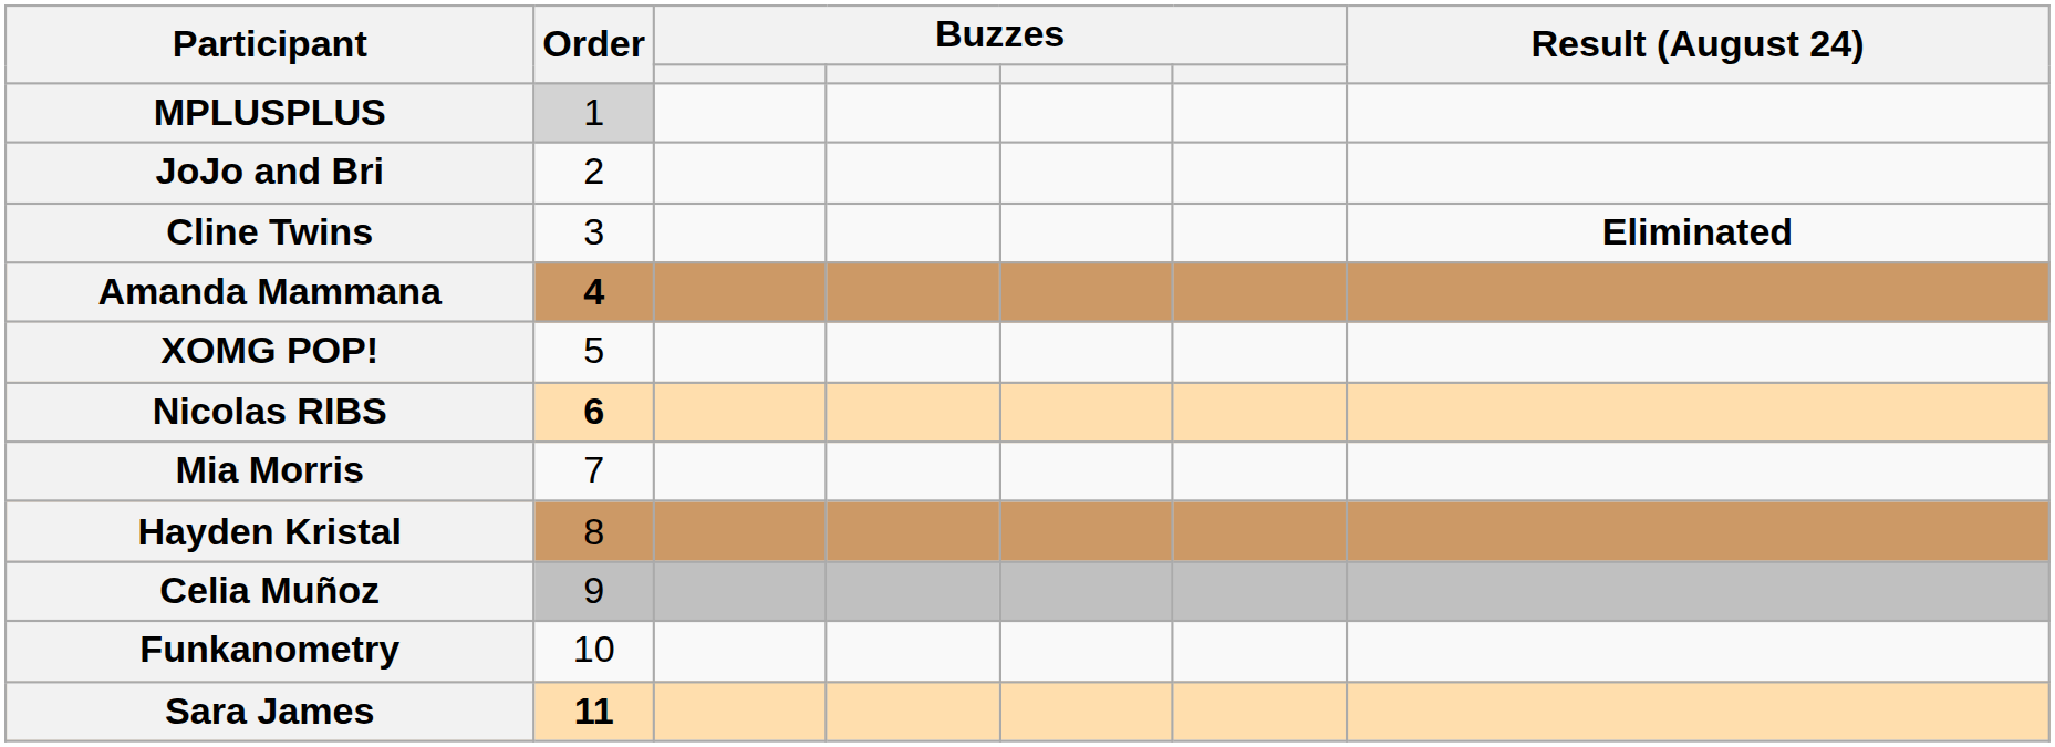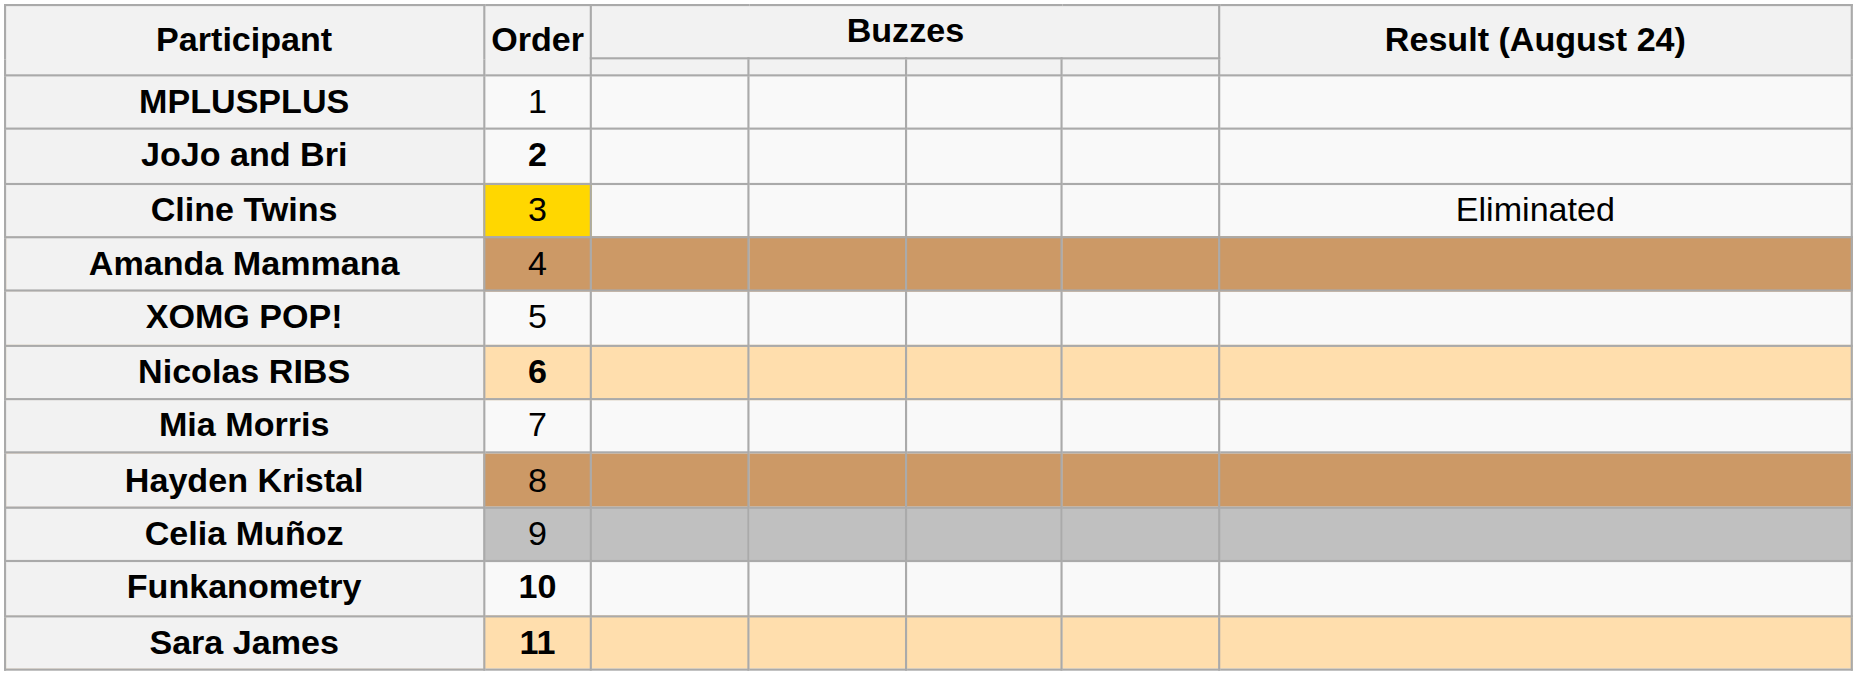 <table class="wikitable plainrowheaders sortable" style="text-align:center;">
 <tr>
 <th scope="col" rowspan="2" class="unsortable" style="width:17em;">Participant</th>
 <th scope="col" rowspan="2" style="width:1em;">Order</th>
 <th scope="col" colspan="4" class="unsortable" style="width:24em;">Buzzes</th>
 <th scope="col" rowspan="2" style="width:25em;">Result (August 24)</th>
 </tr>
 <tr>
 <th scope="col" class="unsortable" style="width:6em;"></th>
 <th scope="col" class="unsortable" style="width:6em;"></th>
 <th scope="col" class="unsortable" style="width:6em;"></th>
 <th scope="col" class="unsortable" style="width:6em;"></th>
 </tr>
 <tr>
 <th scope="row">MPLUSPLUS</th>
-<td style="background: lightgrey;">1</td>
+<td>1</td>
 <td style="text-align:center;"></td>
 <td style="text-align:center;"></td>
 <td style="text-align:center;"></td>
 <td style="text-align:center;"></td>
 <td></td>
 </tr>
 <tr>
 <th scope="row">JoJo and Bri</th>
-<td>2</td>
+<td><strong>2</strong></td>
 <td style="text-align:center;"></td>
 <td style="text-align:center;"></td>
 <td style="text-align:center;"></td>
 <td style="text-align:center;"></td>
 <td></td>
 </tr>
 <tr>
 <th scope="row">Cline Twins</th>
-<td>3</td>
+<td style="background: gold;">3</td>
 <td style="text-align:center;"></td>
 <td style="text-align:center;"></td>
 <td style="text-align:center;"></td>
 <td style="text-align:center;"></td>
-<td><strong>Eliminated</strong></td>
+<td>Eliminated</td>
 </tr>
 <tr bgcolor=#c96>
 <th scope="row">Amanda Mammana</th>
-<td><strong>4</strong></td>
+<td>4</td>
 <td style="text-align:center;"></td>
 <td style="text-align:center;"></td>
 <td style="text-align:center;"></td>
 <td style="text-align:center;"></td>
 <td></td>
 </tr>
 <tr>
 <th scope="row">XOMG POP!</th>
 <td>5</td>
 <td style="text-align:center;"></td>
 <td style="text-align:center;"></td>
 <td style="text-align:center;"></td>
 <td style="text-align:center;"></td>
 <td></td>
 </tr>
 <tr bgcolor=NavajoWhite>
 <th scope="row"><strong>Nicolas RIBS</strong></th>
 <td><strong>6</strong></td>
 <td style="text-align:center;"></td>
 <td style="text-align:center;"></td>
 <td style="text-align:center;"></td>
 <td style="text-align:center;"></td>
 <td><strong></strong></td>
 </tr>
 <tr>
 <th scope="row">Mia Morris</th>
 <td>7</td>
 <td style="text-align:center;"></td>
 <td style="text-align:center;"></td>
 <td style="text-align:center;"></td>
 <td style="text-align:center;"></td>
 <td></td>
 </tr>
 <tr bgcolor=#c96>
 <th scope="row">Hayden Kristal</th>
 <td>8</td>
 <td style="text-align:center;"></td>
 <td style="text-align:center;"></td>
 <td style="text-align:center;"></td>
 <td style="text-align:center;"></td>
 <td></td>
 </tr>
 <tr bgcolor=silver>
 <th scope="row">Celia Muñoz </th>
 <td>9</td>
 <td style="text-align:center;"></td>
 <td style="text-align:center;"></td>
 <td style="text-align:center;"></td>
 <td style="text-align:center;"></td>
 <td></td>
 </tr>
 <tr>
 <th scope="row">Funkanometry</th>
-<td>10</td>
+<td><strong>10</strong></td>
 <td style="text-align:center;"></td>
 <td style="text-align:center;"></td>
 <td style="text-align:center;"></td>
 <td style="text-align:center;"></td>
 <td></td>
 </tr>
 <tr bgcolor=NavajoWhite>
 <th scope="row"><strong>Sara James</strong></th>
 <td><strong>11</strong></td>
 <td style="text-align:center;"></td>
 <td style="text-align:center;"></td>
 <td style="text-align:center;"></td>
 <td style="text-align:center;"></td>
 <td><strong></strong></td>
 </tr>
 </table>
